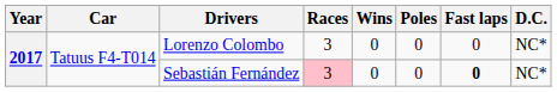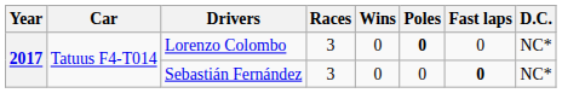 <table class="wikitable" style="font-size:85% ;text-align:center">
 <tr>
 <th>Year</th>
 <th>Car</th>
 <th>Drivers</th>
 <th>Races</th>
 <th>Wins</th>
 <th>Poles</th>
 <th>Fast laps</th>
 <th>D.C.</th>
 </tr>
 <tr>
 <th rowspan="2"><a href='#'>2017</a></th>
 <td rowspan="2" align="center"><a href='#'>Tatuus F4-T014</a></td>
 <td align="left"> <a href='#'>Lorenzo Colombo</a></td>
 <td>3</td>
 <td>0</td>
-<td>0</td>
+<td><strong>0</strong></td>
 <td>0</td>
 <td>NC*</td>
 </tr>
 <tr>
 <td align="left"> <a href='#'>Sebastián Fernández</a></td>
-<td style="background: pink;">3</td>
+<td>3</td>
 <td>0</td>
 <td>0</td>
 <td><strong>0</strong></td>
 <td>NC*</td>
 </tr>
 </table>
